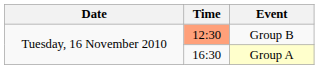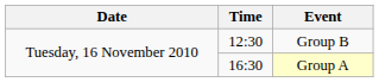 <table class = "wikitable" style="text-align:center;">
 <tr>
 <th width=220>Date</th>
 <th width=50>Time</th>
 <th width=100>Event</th>
 </tr>
 <tr>
 <td rowspan=2>Tuesday, 16 November 2010</td>
-<td style="background: lightsalmon;">12:30</td>
+<td>12:30</td>
 <td>Group B</td>
 </tr>
 <tr>
 <td>16:30</td>
 <td bgcolor=ffffcc>Group A</td>
 </tr>
 </table>
